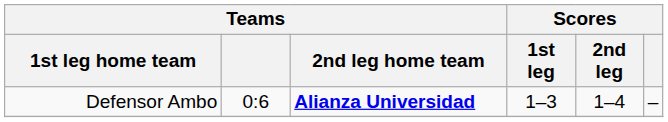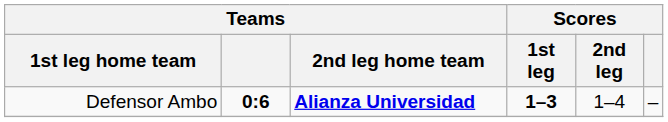 <table class="wikitable" style="text-align: center;">
 <tr>
 <th colspan=3>Teams</th>
 <th colspan=3>Scores</th>
 </tr>
 <tr>
 <th width="175">1st leg home team</th>
 <th width="50"></th>
 <th width="175">2nd leg home team</th>
 <th width="50">1st leg</th>
 <th width="50">2nd leg</th>
 <th></th>
 </tr>
 <tr>
 <td align=right>Defensor Ambo</td>
-<td>0:6</td>
+<td><strong>0:6</strong></td>
 <td align=left><strong><a href='#'>Alianza Universidad</a></strong></td>
-<td>1–3</td>
+<td><strong>1–3</strong></td>
 <td>1–4</td>
 <td>–</td>
 </tr>
 <tr>
 </tr>
 </table>
